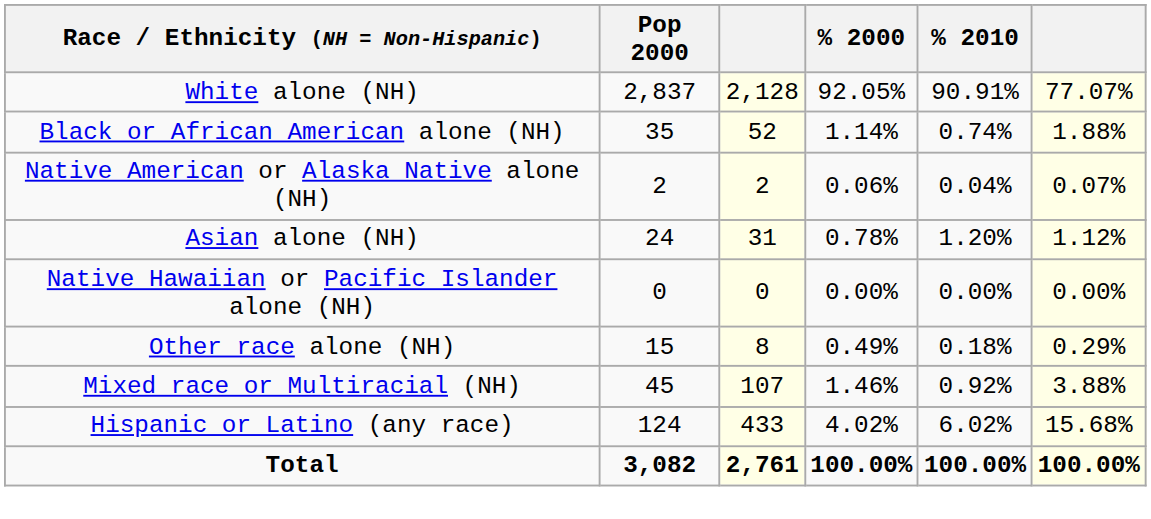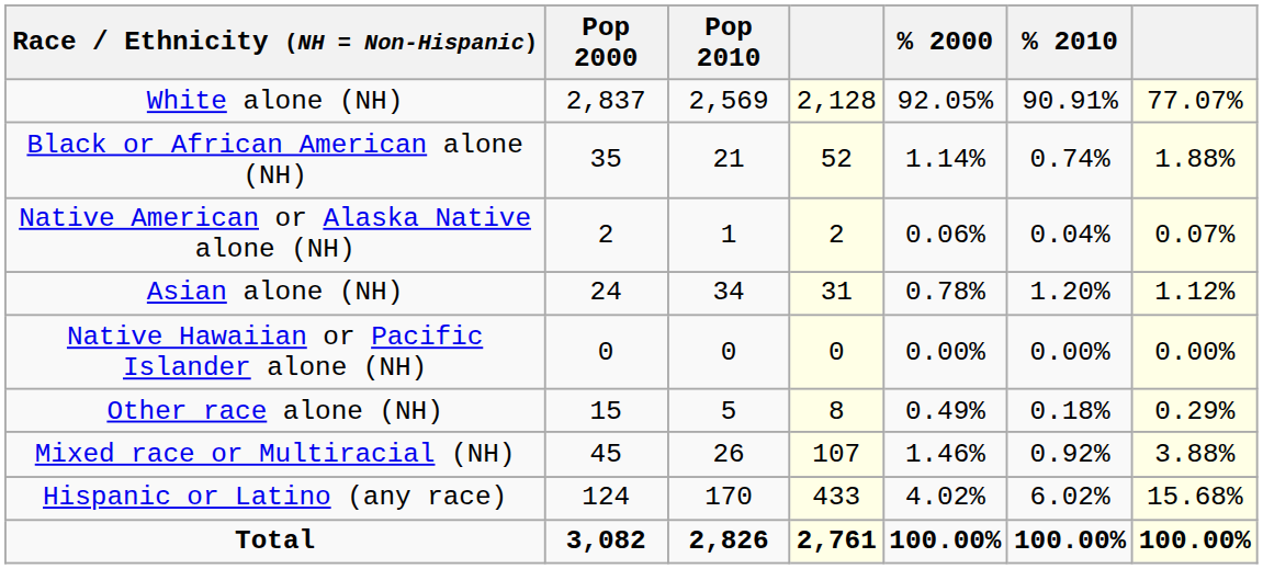 <table class="wikitable" style="text-align:center;">
 <tr>
 <th>Race / Ethnicity <small>(<em>NH = Non-Hispanic</em>)</small></th>
 <th>Pop 2000</th>
+<th>Pop 2010</th>
 <th></th>
 <th>% 2000</th>
 <th>% 2010</th>
 <th></th>
 </tr>
 <tr>
 <td><a href='#'>White</a> alone (NH)</td>
 <td>2,837</td>
+<td>2,569</td>
 <td style='background: #ffffe6;'>2,128</td>
 <td>92.05%</td>
 <td>90.91%</td>
 <td style='background: #ffffe6;'>77.07%</td>
 </tr>
 <tr>
 <td><a href='#'>Black or African American</a> alone (NH)</td>
 <td>35</td>
+<td>21</td>
 <td style='background: #ffffe6;'>52</td>
 <td>1.14%</td>
 <td>0.74%</td>
 <td style='background: #ffffe6;'>1.88%</td>
 </tr>
 <tr>
 <td><a href='#'>Native American</a> or <a href='#'>Alaska Native</a> alone (NH)</td>
 <td>2</td>
+<td>1</td>
 <td style='background: #ffffe6;'>2</td>
 <td>0.06%</td>
 <td>0.04%</td>
 <td style='background: #ffffe6;'>0.07%</td>
 </tr>
 <tr>
 <td><a href='#'>Asian</a> alone (NH)</td>
 <td>24</td>
+<td>34</td>
 <td style='background: #ffffe6;'>31</td>
 <td>0.78%</td>
 <td>1.20%</td>
 <td style='background: #ffffe6;'>1.12%</td>
 </tr>
 <tr>
 <td><a href='#'>Native Hawaiian</a> or <a href='#'>Pacific Islander</a> alone (NH)</td>
+<td>0</td>
 <td>0</td>
 <td style='background: #ffffe6;'>0</td>
 <td>0.00%</td>
 <td>0.00%</td>
 <td style='background: #ffffe6;'>0.00%</td>
 </tr>
 <tr>
 <td><a href='#'>Other race</a> alone (NH)</td>
 <td>15</td>
+<td>5</td>
 <td style='background: #ffffe6;'>8</td>
 <td>0.49%</td>
 <td>0.18%</td>
 <td style='background: #ffffe6;'>0.29%</td>
 </tr>
 <tr>
 <td><a href='#'>Mixed race or Multiracial</a> (NH)</td>
 <td>45</td>
+<td>26</td>
 <td style='background: #ffffe6;'>107</td>
 <td>1.46%</td>
 <td>0.92%</td>
 <td style='background: #ffffe6;'>3.88%</td>
 </tr>
 <tr>
 <td><a href='#'>Hispanic or Latino</a> (any race)</td>
 <td>124</td>
+<td>170</td>
 <td style='background: #ffffe6;'>433</td>
 <td>4.02%</td>
 <td>6.02%</td>
 <td style='background: #ffffe6;'>15.68%</td>
 </tr>
 <tr>
 <td><strong>Total</strong></td>
 <td><strong>3,082</strong></td>
+<td><strong>2,826</strong></td>
 <td style='background: #ffffe6;'><strong>2,761</strong></td>
 <td><strong>100.00%</strong></td>
 <td><strong>100.00%</strong></td>
 <td style='background: #ffffe6;'><strong>100.00%</strong></td>
 </tr>
 </table>
